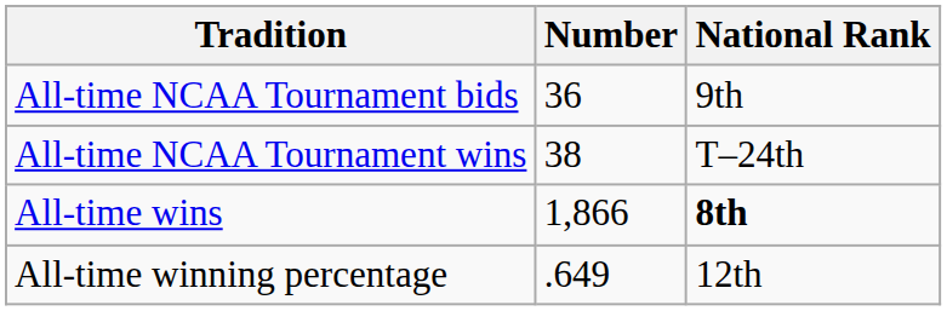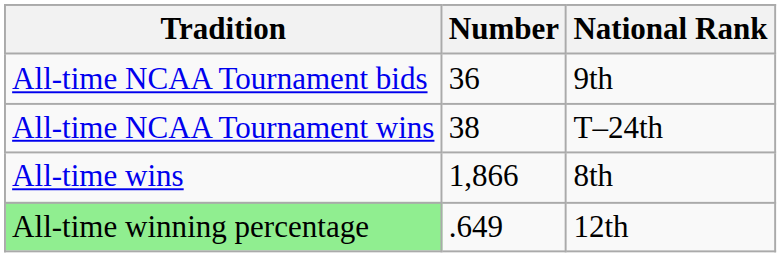 <table class="wikitable">
 <tr>
 <th>Tradition</th>
 <th>Number</th>
 <th>National Rank</th>
 </tr>
 <tr>
 <td><a href='#'>All-time NCAA Tournament bids</a></td>
 <td>36</td>
 <td>9th</td>
 </tr>
 <tr>
 <td><a href='#'>All-time NCAA Tournament wins</a></td>
 <td>38</td>
 <td>T–24th</td>
 </tr>
 <tr>
 <td><a href='#'>All-time wins</a></td>
 <td>1,866</td>
-<td><strong>8th</strong></td>
+<td>8th</td>
 </tr>
 <tr>
-<td>All-time winning percentage</td>
+<td style="background: lightgreen;">All-time winning percentage</td>
 <td>.649</td>
 <td>12th</td>
 </tr>
 </table>
